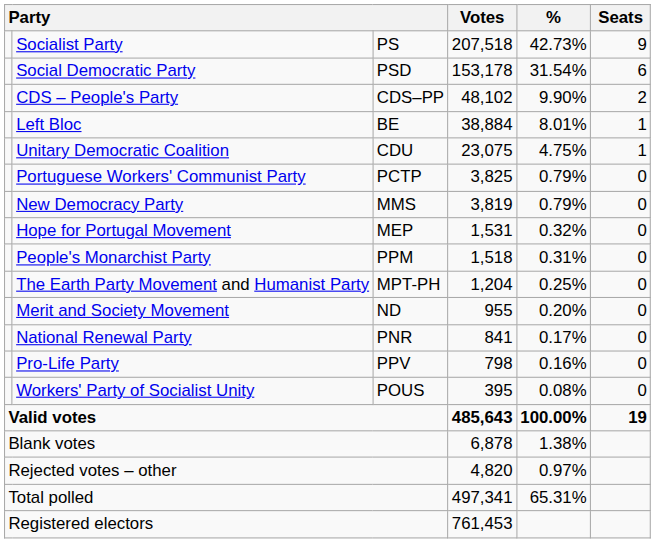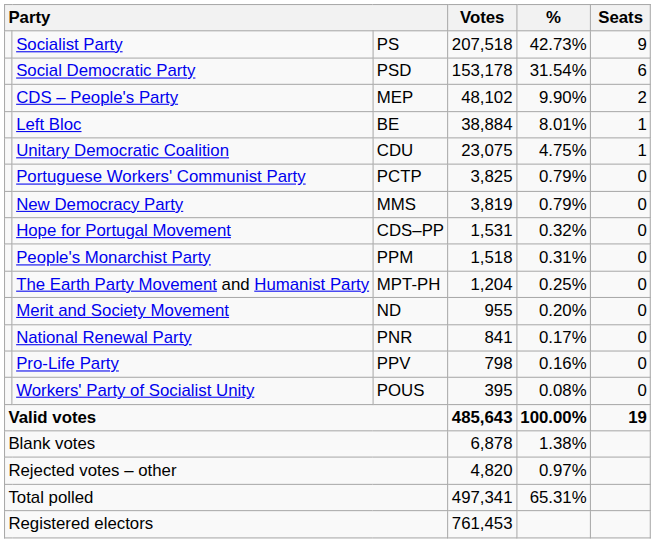 <table class="wikitable" border="1" style="text-align:right;">
 <tr>
 <th style="text-align:left;" colspan=3>Party</th>
 <th align=center width="50">Votes</th>
 <th align=center width="50">%</th>
 <th align=center width="50">Seats</th>
 </tr>
 <tr>
 <td></td>
 <td align=left><a href='#'>Socialist Party</a></td>
 <td align=left>PS</td>
 <td>207,518</td>
 <td>42.73%</td>
 <td>9</td>
 </tr>
 <tr>
 <td></td>
 <td align=left><a href='#'>Social Democratic Party</a></td>
 <td align=left>PSD</td>
 <td>153,178</td>
 <td>31.54%</td>
 <td>6</td>
 </tr>
 <tr>
 <td></td>
 <td align=left><a href='#'>CDS – People's Party</a></td>
-<td align=left style="white-space: nowrap;">CDS–PP</td>
+<td align=left>MEP</td>
 <td>48,102</td>
 <td>9.90%</td>
 <td>2</td>
 </tr>
 <tr>
 <td></td>
 <td align=left><a href='#'>Left Bloc</a></td>
 <td align=left>BE</td>
 <td>38,884</td>
 <td>8.01%</td>
 <td>1</td>
 </tr>
 <tr>
 <td></td>
 <td align=left style="white-space: nowrap;"><a href='#'>Unitary Democratic Coalition</a></td>
 <td align=left>CDU</td>
 <td>23,075</td>
 <td>4.75%</td>
 <td>1</td>
 </tr>
 <tr>
 <td></td>
 <td align=left><a href='#'>Portuguese Workers' Communist Party</a></td>
 <td align=left>PCTP</td>
 <td>3,825</td>
 <td>0.79%</td>
 <td>0</td>
 </tr>
 <tr>
 <td></td>
 <td align=left><a href='#'>New Democracy Party</a></td>
 <td align=left>MMS</td>
 <td>3,819</td>
 <td>0.79%</td>
 <td>0</td>
 </tr>
 <tr>
 <td></td>
 <td align=left><a href='#'>Hope for Portugal Movement</a></td>
-<td align=left>MEP</td>
+<td align=left style="white-space: nowrap;">CDS–PP</td>
 <td>1,531</td>
 <td>0.32%</td>
 <td>0</td>
 </tr>
 <tr>
 <td></td>
 <td align=left><a href='#'>People's Monarchist Party</a></td>
 <td align=left>PPM</td>
 <td>1,518</td>
 <td>0.31%</td>
 <td>0</td>
 </tr>
 <tr>
 <td></td>
 <td align=left><a href='#'>The Earth Party Movement</a> and <a href='#'>Humanist Party</a></td>
 <td align=left>MPT-PH</td>
 <td>1,204</td>
 <td>0.25%</td>
 <td>0</td>
 </tr>
 <tr>
 <td></td>
 <td align=left><a href='#'>Merit and Society Movement</a></td>
 <td align=left>ND</td>
 <td>955</td>
 <td>0.20%</td>
 <td>0</td>
 </tr>
 <tr>
 <td></td>
 <td align=left><a href='#'>National Renewal Party</a></td>
 <td align=left>PNR</td>
 <td>841</td>
 <td>0.17%</td>
 <td>0</td>
 </tr>
 <tr>
 <td></td>
 <td align=left><a href='#'>Pro-Life Party</a></td>
 <td align=left>PPV</td>
 <td>798</td>
 <td>0.16%</td>
 <td>0</td>
 </tr>
 <tr>
 <td></td>
 <td align=left><a href='#'>Workers' Party of Socialist Unity</a></td>
 <td align=left>POUS</td>
 <td>395</td>
 <td>0.08%</td>
 <td>0</td>
 </tr>
 <tr style="font-weight:bold">
 <td align=left colspan=3>Valid votes</td>
 <td>485,643</td>
 <td>100.00%</td>
 <td>19</td>
 </tr>
 <tr>
 <td align=left colspan=3>Blank votes</td>
 <td>6,878</td>
 <td>1.38%</td>
 <td></td>
 </tr>
 <tr>
 <td align=left colspan=3>Rejected votes – other</td>
 <td>4,820</td>
 <td>0.97%</td>
 <td></td>
 </tr>
 <tr>
 <td align=left colspan=3>Total polled</td>
 <td>497,341</td>
 <td>65.31%</td>
 <td></td>
 </tr>
 <tr>
 <td align=left colspan=3>Registered electors</td>
 <td>761,453</td>
 <td></td>
 <td></td>
 </tr>
 </table>
